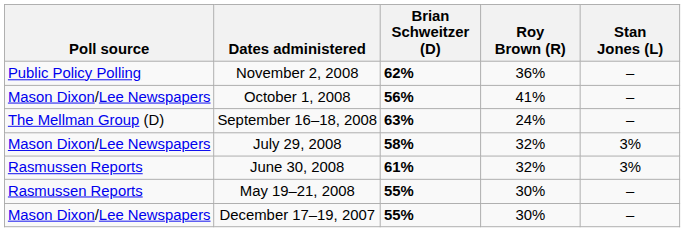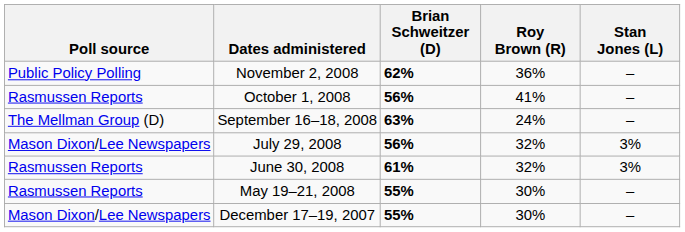 <table class="wikitable">
 <tr valign=bottom>
 <th>Poll source</th>
 <th>Dates administered</th>
 <th style="width:100px;">Brian<br>Schweitzer (D)</th>
 <th style="width:100px;">Roy<br>Brown (R)</th>
 <th style="width:100px;">Stan<br>Jones (L)</th>
 </tr>
 <tr>
 <td><a href='#'>Public Policy Polling</a></td>
 <td align=center>November 2, 2008</td>
 <td><strong>62%</strong></td>
 <td align=center>36%</td>
 <td align=center>–</td>
 </tr>
 <tr>
-<td><a href='#'>Mason Dixon</a>/<a href='#'>Lee Newspapers</a></td>
+<td><a href='#'>Rasmussen Reports</a></td>
 <td align=center>October 1, 2008</td>
 <td><strong>56%</strong></td>
 <td align=center>41%</td>
 <td align=center>–</td>
 </tr>
 <tr>
 <td><a href='#'>The Mellman Group</a> (D)</td>
 <td align=center>September 16–18, 2008</td>
 <td><strong>63%</strong></td>
 <td align=center>24%</td>
 <td align=center>–</td>
 </tr>
 <tr>
 <td><a href='#'>Mason Dixon</a>/<a href='#'>Lee Newspapers</a></td>
 <td align=center>July 29, 2008</td>
-<td><strong>58%</strong></td>
+<td><strong>56%</strong></td>
 <td align=center>32%</td>
 <td align=center>3%</td>
 </tr>
 <tr>
 <td><a href='#'>Rasmussen Reports</a></td>
 <td align=center>June 30, 2008</td>
 <td><strong>61%</strong></td>
 <td align=center>32%</td>
 <td align=center>3%</td>
 </tr>
 <tr>
 <td><a href='#'>Rasmussen Reports</a></td>
 <td align=center>May 19–21, 2008</td>
 <td><strong>55%</strong></td>
 <td align=center>30%</td>
 <td align=center>–</td>
 </tr>
 <tr>
 <td><a href='#'>Mason Dixon</a>/<a href='#'>Lee Newspapers</a></td>
 <td align=center>December 17–19, 2007</td>
 <td><strong>55%</strong></td>
 <td align=center>30%</td>
 <td align=center>–</td>
 </tr>
 </table>
